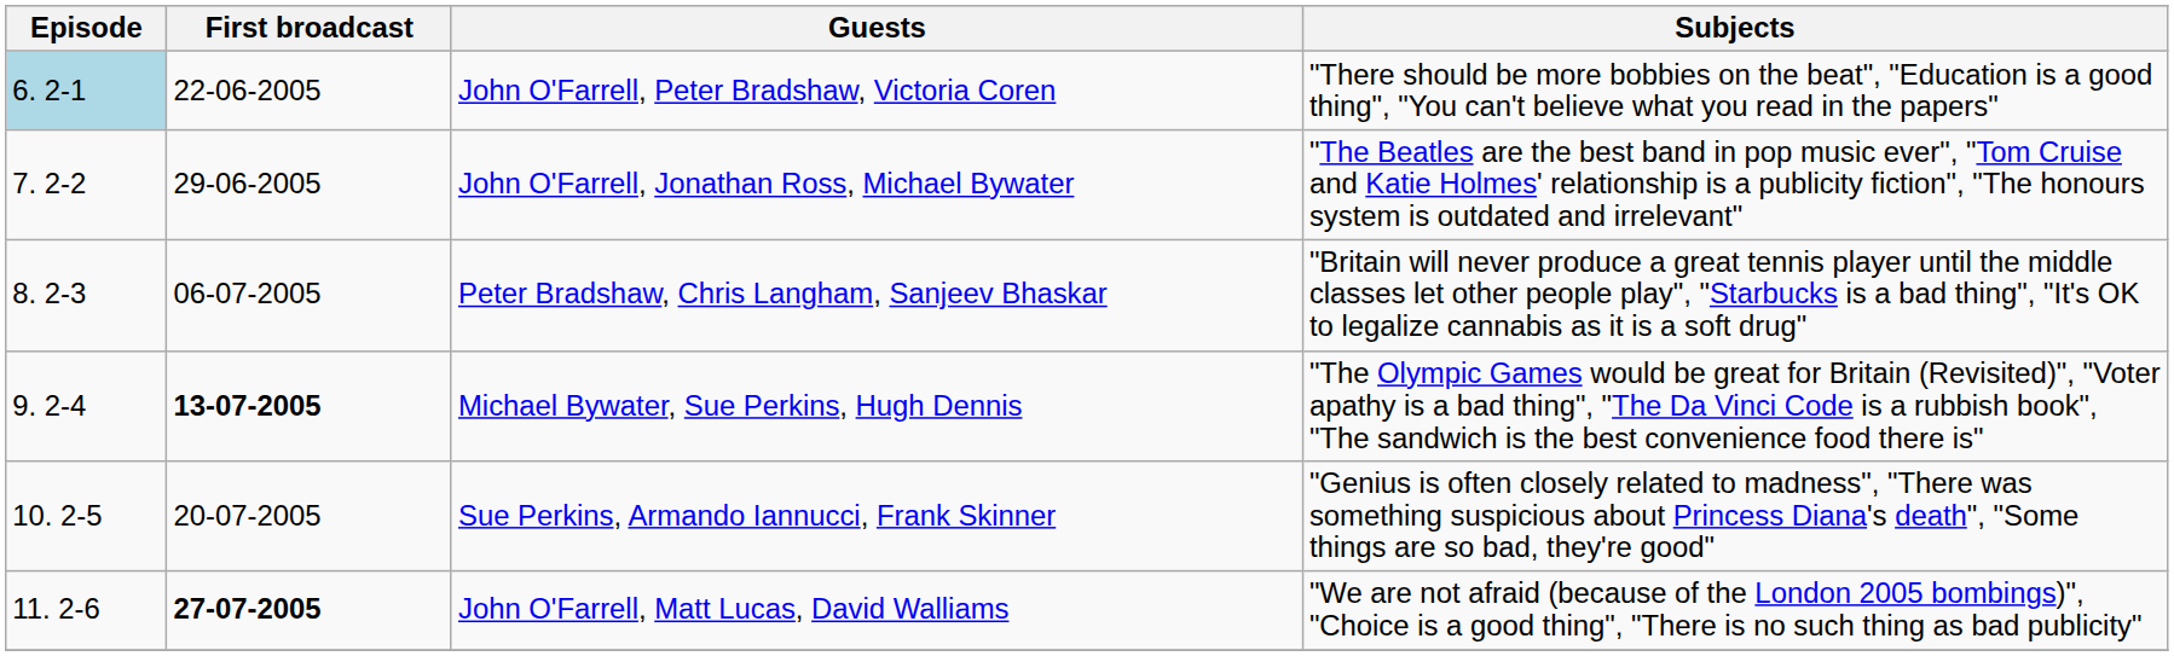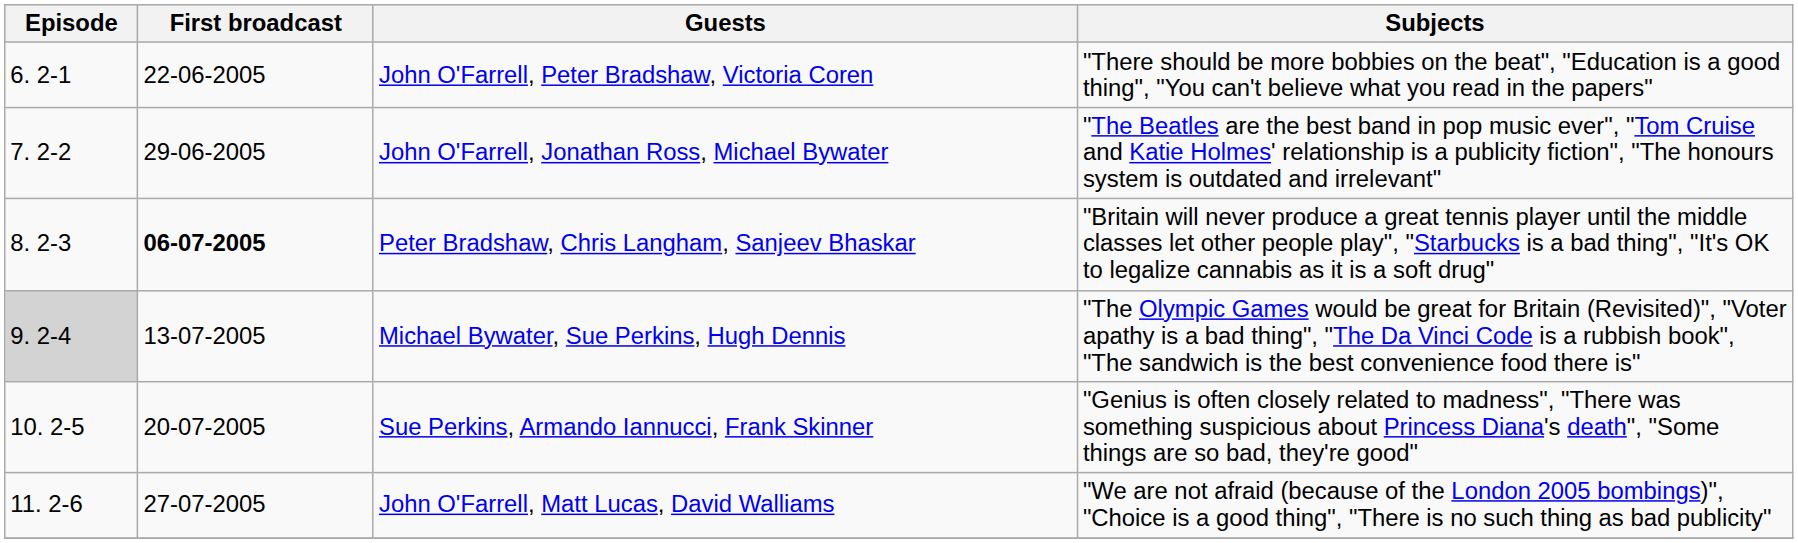 <table class="wikitable" style="width:95%;">
 <tr bgcolor="#cccccc">
 <th>Episode</th>
 <th>First broadcast</th>
 <th>Guests</th>
 <th style="width:40%;">Subjects</th>
 </tr>
 <tr>
-<td style="background: lightblue;">6. 2-1</td>
+<td>6. 2-1</td>
 <td>22-06-2005</td>
 <td><a href='#'>John O'Farrell</a>, <a href='#'>Peter Bradshaw</a>, <a href='#'>Victoria Coren</a></td>
 <td>"There should be more bobbies on the beat", "Education is a good thing", "You can't believe what you read in the papers"</td>
 </tr>
 <tr>
 <td>7. 2-2</td>
 <td>29-06-2005</td>
 <td><a href='#'>John O'Farrell</a>, <a href='#'>Jonathan Ross</a>, <a href='#'>Michael Bywater</a></td>
 <td>"<a href='#'>The Beatles</a> are the best band in pop music ever", "<a href='#'>Tom Cruise</a> and <a href='#'>Katie Holmes</a>' relationship is a publicity fiction", "The honours system is outdated and irrelevant"</td>
 </tr>
 <tr>
 <td>8. 2-3</td>
-<td>06-07-2005</td>
+<td><strong>06-07-2005</strong></td>
 <td><a href='#'>Peter Bradshaw</a>, <a href='#'>Chris Langham</a>, <a href='#'>Sanjeev Bhaskar</a></td>
 <td>"Britain will never produce a great tennis player until the middle classes let other people play", "<a href='#'>Starbucks</a> is a bad thing", "It's OK to legalize cannabis as it is a soft drug"</td>
 </tr>
 <tr>
-<td>9. 2-4</td>
-<td><strong>13-07-2005</strong></td>
+<td style="background: lightgrey;">9. 2-4</td>
+<td>13-07-2005</td>
 <td><a href='#'>Michael Bywater</a>, <a href='#'>Sue Perkins</a>, <a href='#'>Hugh Dennis</a></td>
 <td>"The <a href='#'>Olympic Games</a> would be great for Britain (Revisited)", "Voter apathy is a bad thing", "<a href='#'>The Da Vinci Code</a> is a rubbish book", "The sandwich is the best convenience food there is"</td>
 </tr>
 <tr>
 <td>10. 2-5</td>
 <td>20-07-2005</td>
 <td><a href='#'>Sue Perkins</a>, <a href='#'>Armando Iannucci</a>, <a href='#'>Frank Skinner</a></td>
 <td>"Genius is often closely related to madness", "There was something suspicious about <a href='#'>Princess Diana</a>'s <a href='#'>death</a>", "Some things are so bad, they're good"</td>
 </tr>
 <tr>
 <td>11. 2-6</td>
-<td><strong>27-07-2005</strong></td>
+<td>27-07-2005</td>
 <td><a href='#'>John O'Farrell</a>, <a href='#'>Matt Lucas</a>, <a href='#'>David Walliams</a></td>
 <td>"We are not afraid (because of the <a href='#'>London 2005 bombings</a>)", "Choice is a good thing", "There is no such thing as bad publicity"</td>
 </tr>
 <tr>
 </tr>
 </table>
